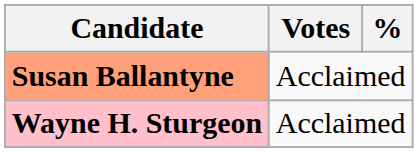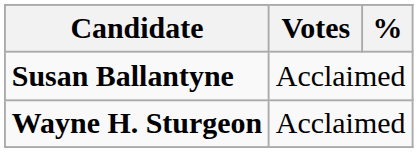 <table class="wikitable">
 <tr>
 <th>Candidate</th>
 <th>Votes</th>
 <th>%</th>
 </tr>
 <tr>
-<td style="background: lightsalmon;"><strong>Susan Ballantyne</strong></td>
+<td><strong>Susan Ballantyne</strong></td>
 <td colspan="2">Acclaimed</td>
 </tr>
 <tr>
-<td style="background: pink;"><strong>Wayne H. Sturgeon</strong></td>
+<td><strong>Wayne H. Sturgeon</strong></td>
 <td colspan="2">Acclaimed</td>
 </tr>
 </table>
